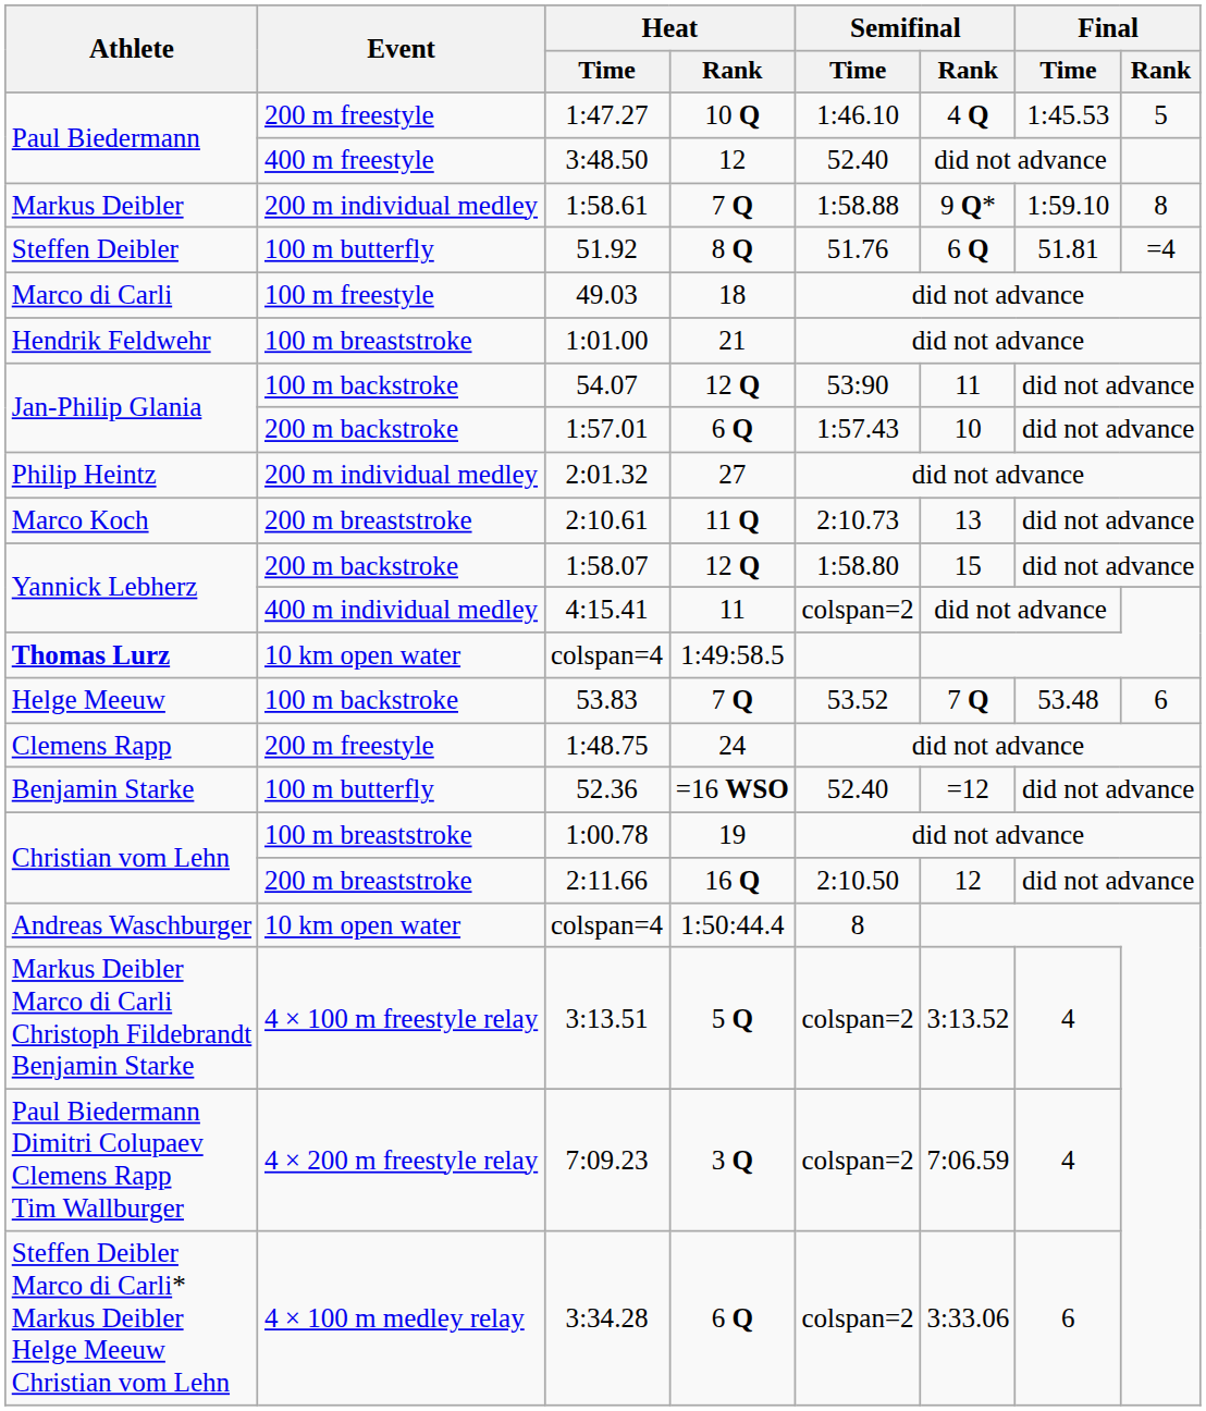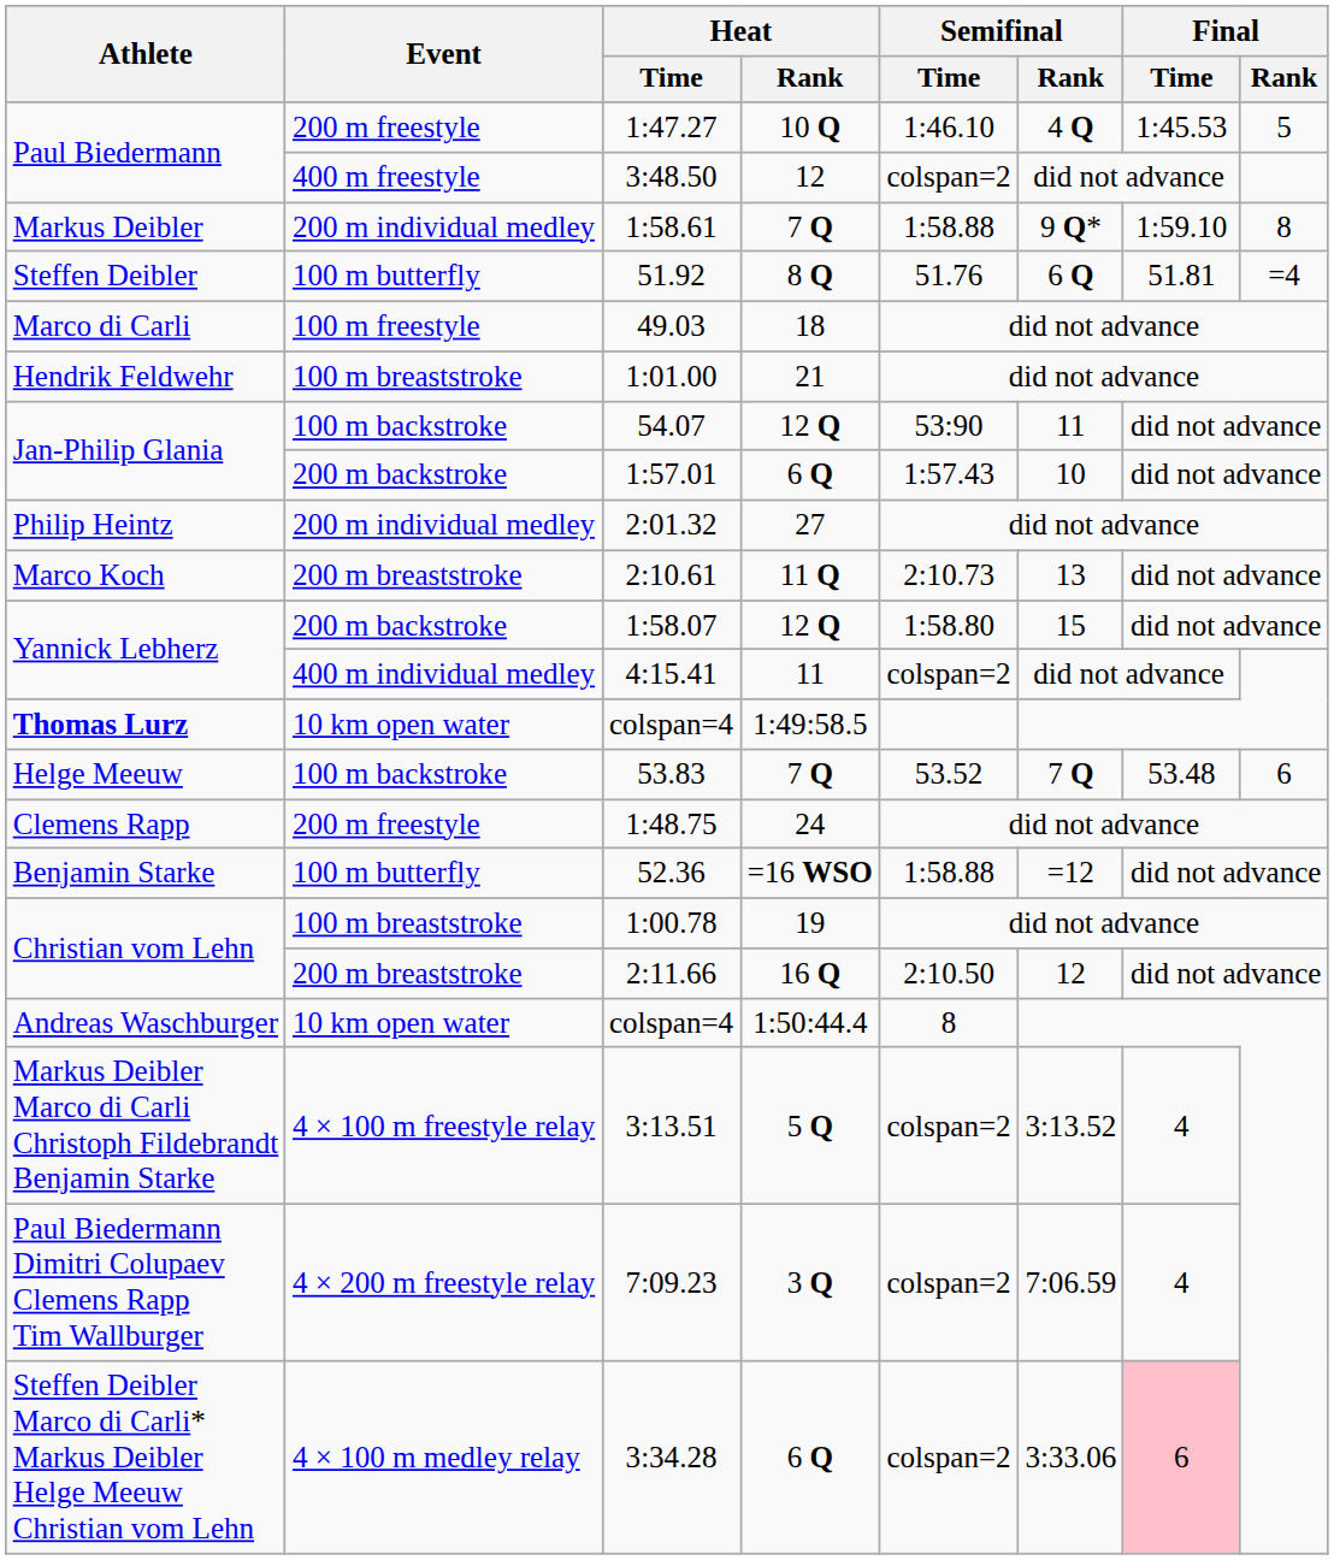 <table class=wikitable style="font-size:90%">
 <tr>
 <th rowspan="2">Athlete</th>
 <th rowspan="2">Event</th>
 <th colspan="2">Heat</th>
 <th colspan="2">Semifinal</th>
 <th colspan="2">Final</th>
 </tr>
 <tr style="font-size:95%">
 <th>Time</th>
 <th>Rank</th>
 <th>Time</th>
 <th>Rank</th>
 <th>Time</th>
 <th>Rank</th>
 </tr>
 <tr align=center>
 <td align=left rowspan=2><a href='#'>Paul Biedermann</a></td>
 <td align=left><a href='#'>200 m freestyle</a></td>
 <td>1:47.27</td>
 <td>10 <strong>Q</strong></td>
 <td>1:46.10</td>
 <td>4 <strong>Q</strong></td>
 <td>1:45.53</td>
 <td>5</td>
 </tr>
 <tr align=center>
 <td align=left><a href='#'>400 m freestyle</a></td>
 <td>3:48.50</td>
 <td>12</td>
-<td>52.40</td>
+<td>colspan=2 </td>
 <td colspan=2>did not advance</td>
 </tr>
 <tr align=center>
 <td align=left><a href='#'>Markus Deibler</a></td>
 <td align=left><a href='#'>200 m individual medley</a></td>
 <td>1:58.61</td>
 <td>7 <strong>Q</strong></td>
 <td>1:58.88</td>
 <td>9 <strong>Q</strong>*</td>
 <td>1:59.10</td>
 <td>8</td>
 </tr>
 <tr align=center>
 <td align=left><a href='#'>Steffen Deibler</a></td>
 <td align=left><a href='#'>100 m butterfly</a></td>
 <td>51.92</td>
 <td>8 <strong>Q</strong></td>
 <td>51.76</td>
 <td>6 <strong>Q</strong></td>
 <td>51.81</td>
 <td>=4</td>
 </tr>
 <tr align=center>
 <td align=left><a href='#'>Marco di Carli</a></td>
 <td align=left><a href='#'>100 m freestyle</a></td>
 <td>49.03</td>
 <td>18</td>
 <td colspan=4>did not advance</td>
 </tr>
 <tr align=center>
 <td align=left><a href='#'>Hendrik Feldwehr</a></td>
 <td align=left><a href='#'>100 m breaststroke</a></td>
 <td>1:01.00</td>
 <td>21</td>
 <td colspan=4>did not advance</td>
 </tr>
 <tr align=center>
 <td align=left rowspan=2><a href='#'>Jan-Philip Glania</a></td>
 <td align=left><a href='#'>100 m backstroke</a></td>
 <td>54.07</td>
 <td>12 <strong>Q</strong></td>
 <td>53:90</td>
 <td>11</td>
 <td colspan=2>did not advance</td>
 </tr>
 <tr align=center>
 <td align=left><a href='#'>200 m backstroke</a></td>
 <td>1:57.01</td>
 <td>6 <strong>Q</strong></td>
 <td>1:57.43</td>
 <td>10</td>
 <td colspan=2>did not advance</td>
 </tr>
 <tr align=center>
 <td align=left><a href='#'>Philip Heintz</a></td>
 <td align=left><a href='#'>200 m individual medley</a></td>
 <td>2:01.32</td>
 <td>27</td>
 <td colspan=4>did not advance</td>
 </tr>
 <tr align=center>
 <td align=left><a href='#'>Marco Koch</a></td>
 <td align=left><a href='#'>200 m breaststroke</a></td>
 <td>2:10.61</td>
 <td>11 <strong>Q</strong></td>
 <td>2:10.73</td>
 <td>13</td>
 <td colspan=2>did not advance</td>
 </tr>
 <tr align=center>
 <td align=left rowspan=2><a href='#'>Yannick Lebherz</a></td>
 <td align=left><a href='#'>200 m backstroke</a></td>
 <td>1:58.07</td>
 <td>12 <strong>Q</strong></td>
 <td>1:58.80</td>
 <td>15</td>
 <td colspan=2>did not advance</td>
 </tr>
 <tr align=center>
 <td align=left><a href='#'>400 m individual medley</a></td>
 <td>4:15.41</td>
 <td>11</td>
 <td>colspan=2 </td>
 <td colspan=2>did not advance</td>
 </tr>
 <tr align=center>
 <td align=left><strong><a href='#'>Thomas Lurz</a></strong></td>
 <td align=left><a href='#'>10 km open water</a></td>
 <td>colspan=4 </td>
 <td>1:49:58.5</td>
 <td></td>
 </tr>
 <tr align=center>
 <td align=left><a href='#'>Helge Meeuw</a></td>
 <td align=left><a href='#'>100 m backstroke</a></td>
 <td>53.83</td>
 <td>7 <strong>Q</strong></td>
 <td>53.52</td>
 <td>7 <strong>Q</strong></td>
 <td>53.48</td>
 <td>6</td>
 </tr>
 <tr align=center>
 <td align=left><a href='#'>Clemens Rapp</a></td>
 <td align=left><a href='#'>200 m freestyle</a></td>
 <td>1:48.75</td>
 <td>24</td>
 <td colspan=4>did not advance</td>
 </tr>
 <tr align=center>
 <td align=left><a href='#'>Benjamin Starke</a></td>
 <td align=left><a href='#'>100 m butterfly</a></td>
 <td>52.36</td>
 <td>=16 <strong>WSO</strong></td>
-<td>52.40</td>
+<td>1:58.88</td>
 <td>=12</td>
 <td colspan=2>did not advance</td>
 </tr>
 <tr align=center>
 <td align=left rowspan=2><a href='#'>Christian vom Lehn</a></td>
 <td align=left><a href='#'>100 m breaststroke</a></td>
 <td>1:00.78</td>
 <td>19</td>
 <td colspan=4>did not advance</td>
 </tr>
 <tr align=center>
 <td align=left><a href='#'>200 m breaststroke</a></td>
 <td>2:11.66</td>
 <td>16 <strong>Q</strong></td>
 <td>2:10.50</td>
 <td>12</td>
 <td colspan=2>did not advance</td>
 </tr>
 <tr align=center>
 <td align=left><a href='#'>Andreas Waschburger</a></td>
 <td align=left><a href='#'>10 km open water</a></td>
 <td>colspan=4 </td>
 <td>1:50:44.4</td>
 <td>8</td>
 </tr>
 <tr align=center>
 <td align=left><a href='#'>Markus Deibler</a><br><a href='#'>Marco di Carli</a><br><a href='#'>Christoph Fildebrandt</a><br><a href='#'>Benjamin Starke</a></td>
 <td align=left><a href='#'>4 × 100 m freestyle relay</a></td>
 <td>3:13.51</td>
 <td>5 <strong>Q</strong></td>
 <td>colspan=2 </td>
 <td>3:13.52</td>
 <td>4</td>
 </tr>
 <tr align=center>
 <td align=left><a href='#'>Paul Biedermann</a><br><a href='#'>Dimitri Colupaev</a><br><a href='#'>Clemens Rapp</a><br><a href='#'>Tim Wallburger</a></td>
 <td align=left><a href='#'>4 × 200 m freestyle relay</a></td>
 <td>7:09.23</td>
 <td>3 <strong>Q</strong></td>
 <td>colspan=2 </td>
 <td>7:06.59</td>
 <td>4</td>
 </tr>
 <tr align=center>
 <td align=left><a href='#'>Steffen Deibler</a><br><a href='#'>Marco di Carli</a>*<br><a href='#'>Markus Deibler</a><br><a href='#'>Helge Meeuw</a><br><a href='#'>Christian vom Lehn</a></td>
 <td align=left><a href='#'>4 × 100 m medley relay</a></td>
 <td>3:34.28</td>
 <td>6 <strong>Q</strong></td>
 <td>colspan=2 </td>
 <td>3:33.06</td>
-<td>6</td>
+<td style="background: pink;">6</td>
 </tr>
 </table>
